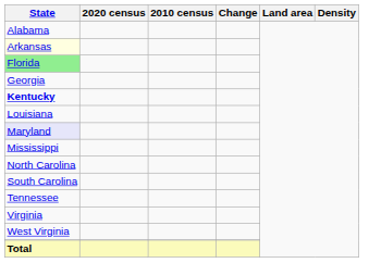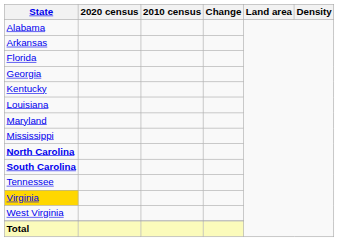 <table class="wikitable sortable">
 <tr>
 <th><a href='#'>State</a></th>
 <th>2020 census</th>
 <th>2010 census</th>
 <th>Change</th>
 <th>Land area</th>
 <th>Density</th>
 </tr>
 <tr>
 <td><a href='#'>Alabama</a></td>
 <td></td>
 <td></td>
 <td></td>
 </tr>
 <tr>
-<td style="background: lightyellow;"><a href='#'>Arkansas</a></td>
+<td><a href='#'>Arkansas</a></td>
 <td></td>
 <td></td>
 <td></td>
 </tr>
 <tr>
-<td style="background: lightgreen;"><a href='#'>Florida</a></td>
+<td><a href='#'>Florida</a></td>
 <td></td>
 <td></td>
 <td></td>
 </tr>
 <tr>
 <td><a href='#'>Georgia</a></td>
 <td></td>
 <td></td>
 <td></td>
 </tr>
 <tr>
-<td><strong><a href='#'>Kentucky</a></strong></td>
+<td><a href='#'>Kentucky</a></td>
 <td></td>
 <td></td>
 <td></td>
 </tr>
 <tr>
 <td><a href='#'>Louisiana</a></td>
 <td></td>
 <td></td>
 <td></td>
 </tr>
 <tr>
-<td style="background: lavender;"><a href='#'>Maryland</a></td>
+<td><a href='#'>Maryland</a></td>
 <td></td>
 <td></td>
 <td></td>
 </tr>
 <tr>
 <td><a href='#'>Mississippi</a></td>
 <td></td>
 <td></td>
 <td></td>
 </tr>
 <tr>
-<td><a href='#'>North Carolina</a></td>
+<td><strong><a href='#'>North Carolina</a></strong></td>
 <td></td>
 <td></td>
 <td></td>
 </tr>
 <tr>
-<td><a href='#'>South Carolina</a></td>
+<td><strong><a href='#'>South Carolina</a></strong></td>
 <td></td>
 <td></td>
 <td></td>
 </tr>
 <tr>
 <td><a href='#'>Tennessee</a></td>
 <td></td>
 <td></td>
 <td></td>
 </tr>
 <tr>
-<td><a href='#'>Virginia</a></td>
+<td style="background: gold;"><a href='#'>Virginia</a></td>
 <td></td>
 <td></td>
 <td></td>
 </tr>
 <tr>
 <td><a href='#'>West Virginia</a></td>
 <td></td>
 <td></td>
 <td></td>
 </tr>
 <tr>
 </tr>
 <tr class=sortbottom style="background:#fbfbbb">
 <td><strong>Total</strong></td>
 <td></td>
 <td></td>
 <td></td>
 </tr>
 </table>
